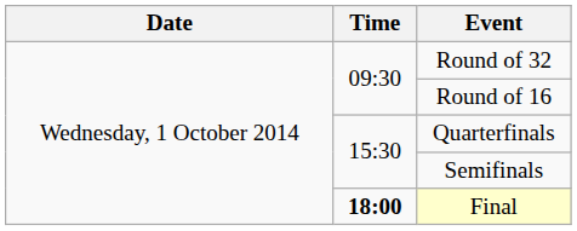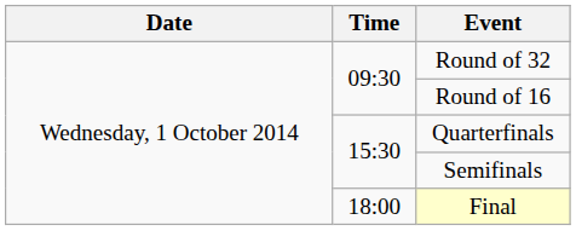 <table class = "wikitable" style="text-align:center;">
 <tr>
 <th width=220>Date</th>
 <th width=50>Time</th>
 <th width=100>Event</th>
 </tr>
 <tr>
 <td rowspan=5>Wednesday, 1 October 2014</td>
 <td rowspan=2>09:30</td>
 <td>Round of 32</td>
 </tr>
 <tr>
 <td>Round of 16</td>
 </tr>
 <tr>
 <td rowspan=2>15:30</td>
 <td>Quarterfinals</td>
 </tr>
 <tr>
 <td>Semifinals</td>
 </tr>
 <tr>
-<td><strong>18:00</strong></td>
+<td>18:00</td>
 <td bgcolor=ffffcc>Final</td>
 </tr>
 </table>
